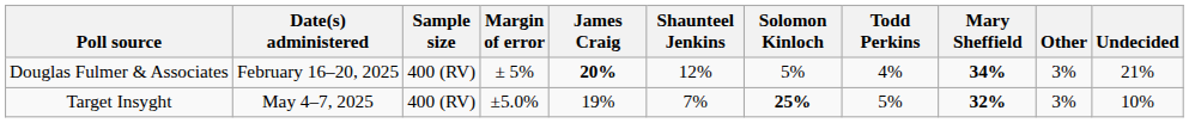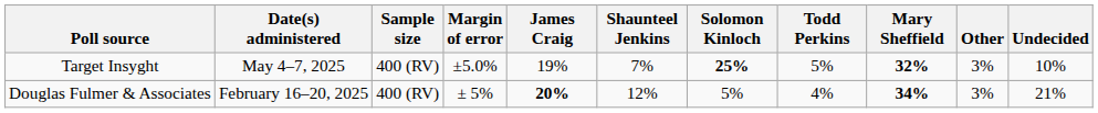 <table class="wikitable" style="font-size:90%;text-align:center;">
 <tr style="vertical-align:bottom">
 <th>Poll source</th>
 <th>Date(s)<br>administered</th>
 <th>Sample<br>size</th>
 <th>Margin<br>of error</th>
 <th style="width:70px">James<br>Craig</th>
 <th style="width:70px">Shaunteel<br>Jenkins</th>
 <th style="width:70px">Solomon<br>Kinloch</th>
 <th style="width:70px">Todd<br>Perkins</th>
 <th style="width:70px">Mary<br>Sheffield</th>
 <th>Other</th>
 <th>Undecided</th>
 </tr>
 <tr>
+<td>Target Insyght</td>
+<td>May 4–7, 2025</td>
+<td>400 (RV)</td>
+<td>±5.0%</td>
+<td>19%</td>
+<td>7%</td>
+<td><strong>25%</strong></td>
+<td>5%</td>
+<td><strong>32%</strong></td>
+<td>3%</td>
+<td>10%</td>
+</tr>
+<tr>
 <td style="text-align:left;">Douglas Fulmer & Associates</td>
 <td>February 16–20, 2025</td>
 <td>400 (RV)</td>
 <td>± 5%</td>
 <td><strong>20%</strong></td>
 <td>12%</td>
 <td>5%</td>
 <td>4%</td>
 <td><strong>34%</strong></td>
 <td>3%</td>
 <td>21%</td>
 </tr>
-<tr>
-<td>Target Insyght</td>
-<td>May 4–7, 2025</td>
-<td>400 (RV)</td>
-<td>±5.0%</td>
-<td>19%</td>
-<td>7%</td>
-<td><strong>25%</strong></td>
-<td>5%</td>
-<td><strong>32%</strong></td>
-<td>3%</td>
-<td>10%</td>
-</tr>
 </table>
